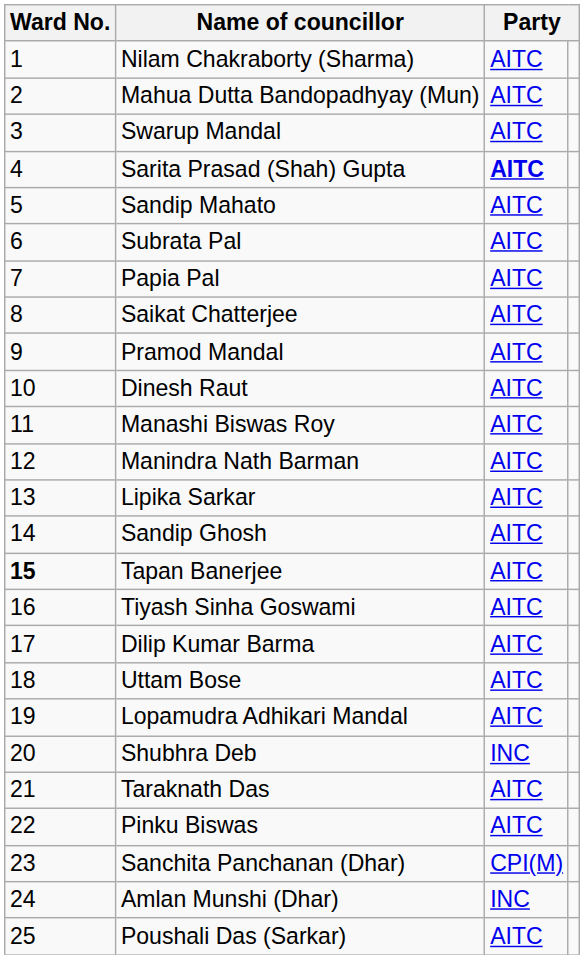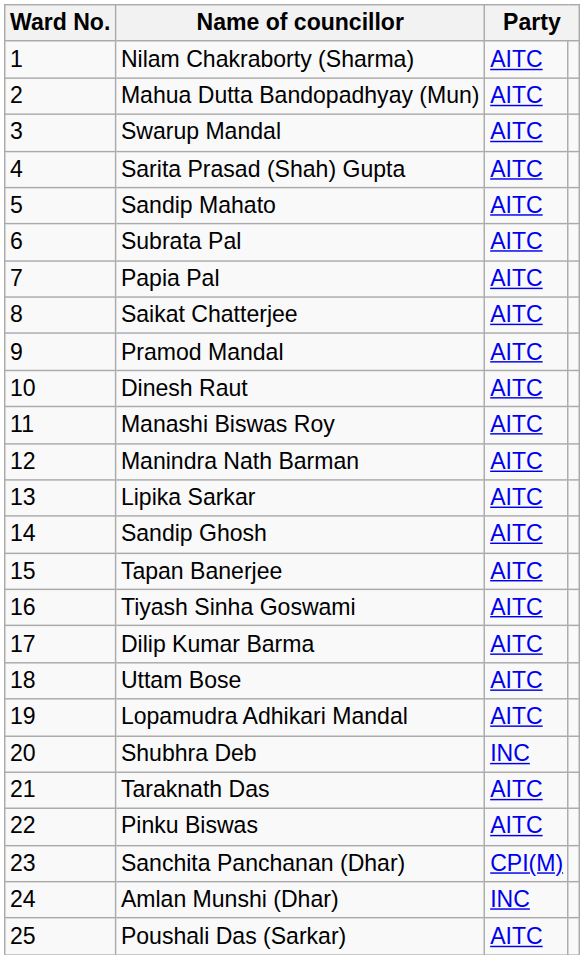 <table class="wikitable">
 <tr>
 <th>Ward No.</th>
 <th>Name of councillor</th>
 <th colspan="2">Party</th>
 </tr>
 <tr>
 <td>1</td>
 <td>Nilam Chakraborty (Sharma)</td>
 <td><a href='#'>AITC</a></td>
 <td style="background-color: "></td>
 </tr>
 <tr>
 <td>2</td>
 <td>Mahua Dutta Bandopadhyay (Mun)</td>
 <td><a href='#'>AITC</a></td>
 <td style="background-color: "></td>
 </tr>
 <tr>
 <td>3</td>
 <td>Swarup Mandal</td>
 <td><a href='#'>AITC</a></td>
 <td style="background-color: "></td>
 </tr>
 <tr>
 <td>4</td>
 <td>Sarita Prasad (Shah) Gupta</td>
-<td><strong><a href='#'>AITC</a></strong></td>
+<td><a href='#'>AITC</a></td>
 <td style="background-color: "></td>
 </tr>
 <tr>
 <td>5</td>
 <td>Sandip Mahato</td>
 <td><a href='#'>AITC</a></td>
 <td style="background-color: "></td>
 </tr>
 <tr>
 <td>6</td>
 <td>Subrata Pal</td>
 <td><a href='#'>AITC</a></td>
 <td style="background-color: "></td>
 </tr>
 <tr>
 <td>7</td>
 <td>Papia Pal</td>
 <td><a href='#'>AITC</a></td>
 <td style="background-color: "></td>
 </tr>
 <tr>
 <td>8</td>
 <td>Saikat Chatterjee</td>
 <td><a href='#'>AITC</a></td>
 <td style="background-color: "></td>
 </tr>
 <tr>
 <td>9</td>
 <td>Pramod Mandal</td>
 <td><a href='#'>AITC</a></td>
 <td style="background-color: "></td>
 </tr>
 <tr>
 <td>10</td>
 <td>Dinesh Raut</td>
 <td><a href='#'>AITC</a></td>
 <td style="background-color: "></td>
 </tr>
 <tr>
 <td>11</td>
 <td>Manashi Biswas Roy</td>
 <td><a href='#'>AITC</a></td>
 <td style="background-color: "></td>
 </tr>
 <tr>
 <td>12</td>
 <td>Manindra Nath Barman</td>
 <td><a href='#'>AITC</a></td>
 <td style="background-color: "></td>
 </tr>
 <tr>
 <td>13</td>
 <td>Lipika Sarkar</td>
 <td><a href='#'>AITC</a></td>
 <td style="background-color: "></td>
 </tr>
 <tr>
 <td>14</td>
 <td>Sandip Ghosh</td>
 <td><a href='#'>AITC</a></td>
 <td style="background-color: "></td>
 </tr>
 <tr>
-<td><strong>15</strong></td>
+<td>15</td>
 <td>Tapan Banerjee</td>
 <td><a href='#'>AITC</a></td>
 <td style="background-color: "></td>
 </tr>
 <tr>
 <td>16</td>
 <td>Tiyash Sinha Goswami</td>
 <td><a href='#'>AITC</a></td>
 <td style="background-color: "></td>
 </tr>
 <tr>
 <td>17</td>
 <td>Dilip Kumar Barma</td>
 <td><a href='#'>AITC</a></td>
 <td style="background-color: "></td>
 </tr>
 <tr>
 <td>18</td>
 <td>Uttam Bose</td>
 <td><a href='#'>AITC</a></td>
 <td style="background-color: "></td>
 </tr>
 <tr>
 <td>19</td>
 <td>Lopamudra Adhikari Mandal</td>
 <td><a href='#'>AITC</a></td>
 <td style="background-color: "></td>
 </tr>
 <tr>
 <td>20</td>
 <td>Shubhra Deb</td>
 <td><a href='#'>INC</a></td>
 <td style="background-color: "></td>
 </tr>
 <tr>
 <td>21</td>
 <td>Taraknath Das</td>
 <td><a href='#'>AITC</a></td>
 <td style="background-color: "></td>
 </tr>
 <tr>
 <td>22</td>
 <td>Pinku Biswas</td>
 <td><a href='#'>AITC</a></td>
 <td style="background-color: "></td>
 </tr>
 <tr>
 <td>23</td>
 <td>Sanchita Panchanan (Dhar)</td>
 <td><a href='#'>CPI(M)</a></td>
 <td style="background-color: "></td>
 </tr>
 <tr>
 <td>24</td>
 <td>Amlan Munshi (Dhar)</td>
 <td><a href='#'>INC</a></td>
 <td style="background-color: "></td>
 </tr>
 <tr>
 <td>25</td>
 <td>Poushali Das (Sarkar)</td>
 <td><a href='#'>AITC</a></td>
 <td style="background-color: "></td>
 </tr>
 </table>
